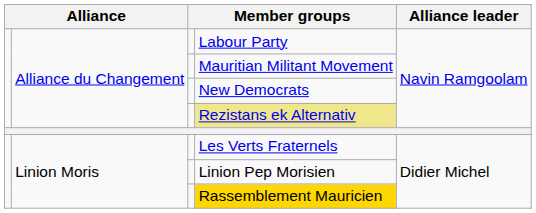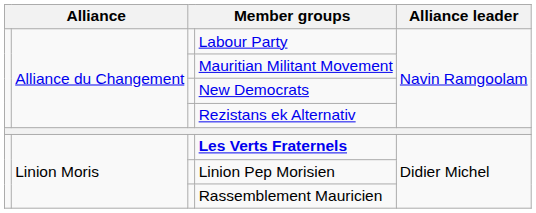 <table class=wikitable>
 <tr>
 <th colspan=2>Alliance</th>
 <th colspan=2>Member groups</th>
 <th>Alliance leader</th>
 </tr>
 <tr>
 <td rowspan=4 bgcolor=></td>
 <td rowspan=4><a href='#'>Alliance du Changement</a></td>
 <td bgcolor=></td>
 <td><a href='#'>Labour Party</a></td>
 <td rowspan=4><a href='#'>Navin Ramgoolam</a></td>
 </tr>
 <tr>
 <td bgcolor=></td>
 <td><a href='#'>Mauritian Militant Movement</a></td>
 </tr>
 <tr>
 <td bgcolor=></td>
 <td><a href='#'>New Democrats</a></td>
 </tr>
 <tr>
 <td bgcolor=></td>
-<td style="background: khaki;"><a href='#'>Rezistans ek Alternativ</a></td>
+<td><a href='#'>Rezistans ek Alternativ</a></td>
 </tr>
 <tr>
 <th colspan=5></th>
 </tr>
 <tr>
 <td rowspan=3 bgcolor=></td>
 <td rowspan=3>Linion Moris</td>
 <td bgcolor=></td>
-<td><a href='#'>Les Verts Fraternels</a></td>
+<td><strong><a href='#'>Les Verts Fraternels</a></strong></td>
 <td rowspan=3>Didier Michel</td>
 </tr>
 <tr>
 <td bgcolor=></td>
 <td>Linion Pep Morisien</td>
 </tr>
 <tr>
 <td bgcolor=></td>
-<td style="background: gold;">Rassemblement Mauricien</td>
+<td>Rassemblement Mauricien</td>
 </tr>
 </table>
